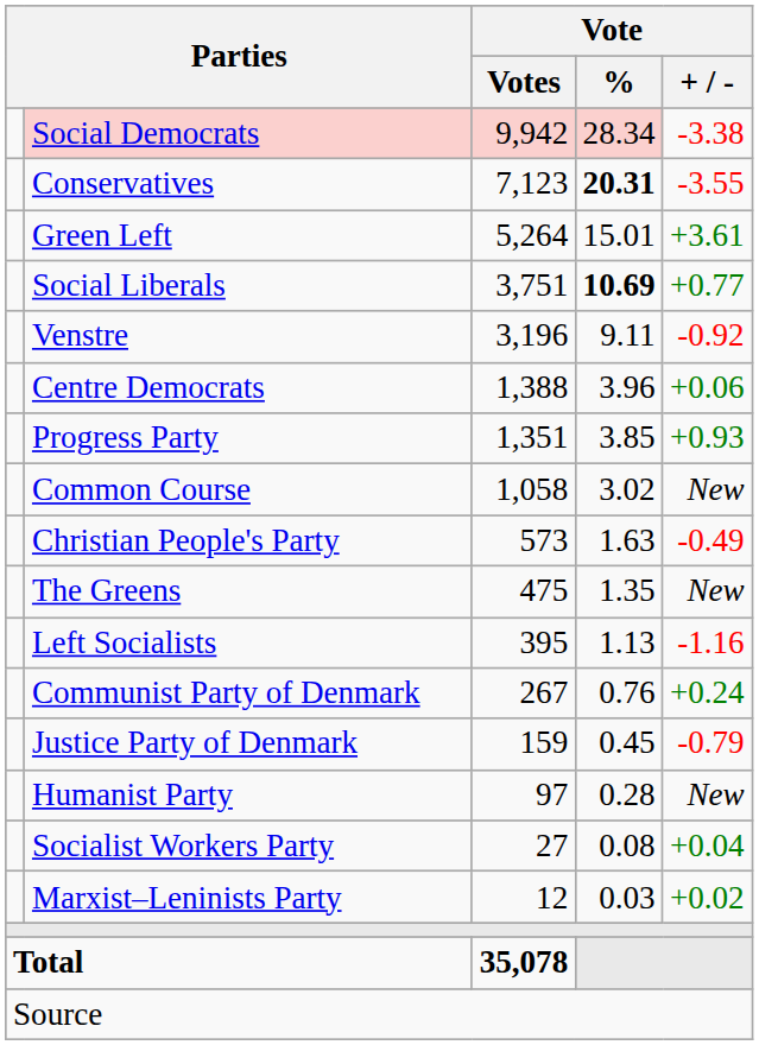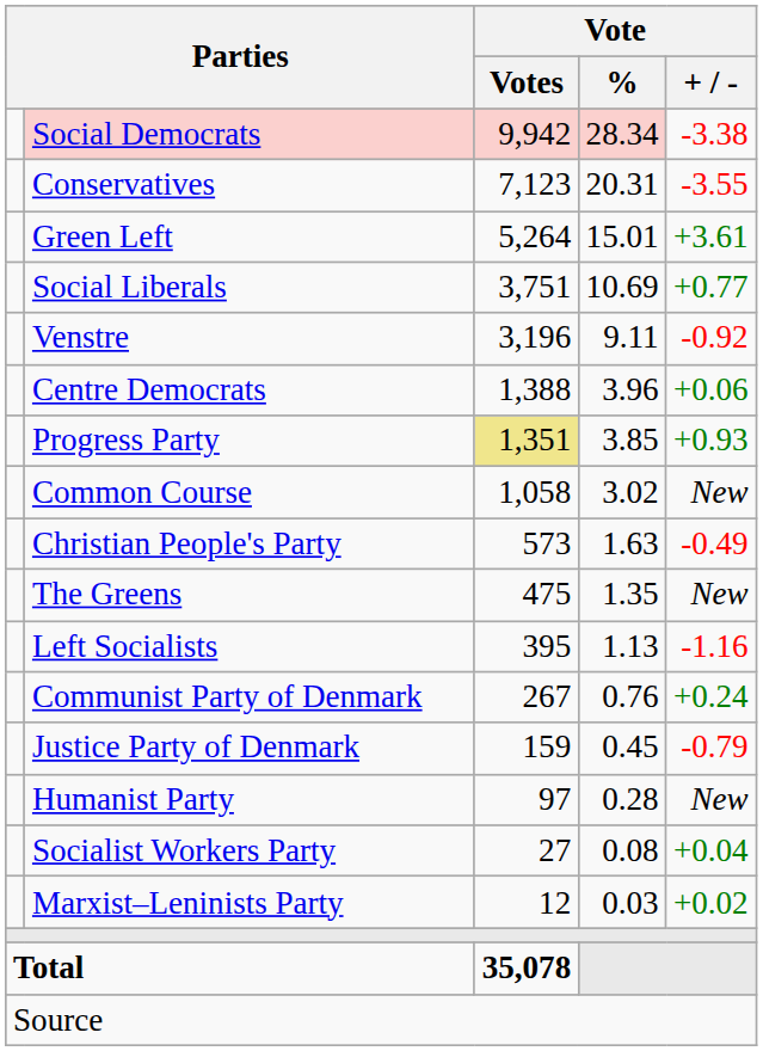 <table class="wikitable" style="text-align:right;">
 <tr>
 <th style="text-align:centre;" rowspan="2" colspan="2" width="225">Parties</th>
 <th colspan="3">Vote</th>
 </tr>
 <tr>
 <th width="15">Votes</th>
 <th width="15">%</th>
 <th width="15">+ / -</th>
 </tr>
 <tr>
 <td width="2" style="color:inherit;background:"></td>
 <td bgcolor=#fbd0ce  align="left"><a href='#'>Social Democrats</a></td>
 <td bgcolor=#fbd0ce>9,942</td>
 <td bgcolor=#fbd0ce>28.34</td>
 <td style=color:red;>-3.38</td>
 </tr>
 <tr>
 <td width="2" style="color:inherit;background:"></td>
 <td align="left"><a href='#'>Conservatives</a></td>
 <td>7,123</td>
-<td><strong>20.31</strong></td>
+<td>20.31</td>
 <td style=color:red;>-3.55</td>
 </tr>
 <tr>
 <td width="2" style="color:inherit;background:"></td>
 <td align="left"><a href='#'>Green Left</a></td>
 <td>5,264</td>
 <td>15.01</td>
 <td style=color:green;>+3.61</td>
 </tr>
 <tr>
 <td width="2" style="color:inherit;background:"></td>
 <td align="left"><a href='#'>Social Liberals</a></td>
 <td>3,751</td>
-<td><strong>10.69</strong></td>
+<td>10.69</td>
 <td style=color:green;>+0.77</td>
 </tr>
 <tr>
 <td width="2" style="color:inherit;background:"></td>
 <td align="left"><a href='#'>Venstre</a></td>
 <td>3,196</td>
 <td>9.11</td>
 <td style=color:red;>-0.92</td>
 </tr>
 <tr>
 <td width="2" style="color:inherit;background:"></td>
 <td align="left"><a href='#'>Centre Democrats</a></td>
 <td>1,388</td>
 <td>3.96</td>
 <td style=color:green;>+0.06</td>
 </tr>
 <tr>
 <td width="2" style="color:inherit;background:"></td>
 <td align="left"><a href='#'>Progress Party</a></td>
-<td>1,351</td>
+<td style="background: khaki;">1,351</td>
 <td>3.85</td>
 <td style=color:green;>+0.93</td>
 </tr>
 <tr>
 <td width="2" style="color:inherit;background:"></td>
 <td align="left"><a href='#'>Common Course</a></td>
 <td>1,058</td>
 <td>3.02</td>
 <td><em>New</em></td>
 </tr>
 <tr>
 <td width="2" style="color:inherit;background:"></td>
 <td align="left"><a href='#'>Christian People's Party</a></td>
 <td>573</td>
 <td>1.63</td>
 <td style=color:red;>-0.49</td>
 </tr>
 <tr>
 <td width="2" style="color:inherit;background:"></td>
 <td align="left"><a href='#'>The Greens</a></td>
 <td>475</td>
 <td>1.35</td>
 <td><em>New</em></td>
 </tr>
 <tr>
 <td width="2" style="color:inherit;background:"></td>
 <td align="left"><a href='#'>Left Socialists</a></td>
 <td>395</td>
 <td>1.13</td>
 <td style=color:red;>-1.16</td>
 </tr>
 <tr>
 <td width="2" style="color:inherit;background:"></td>
 <td align="left"><a href='#'>Communist Party of Denmark</a></td>
 <td>267</td>
 <td>0.76</td>
 <td style=color:green;>+0.24</td>
 </tr>
 <tr>
 <td width="2" style="color:inherit;background:"></td>
 <td align="left"><a href='#'>Justice Party of Denmark</a></td>
 <td>159</td>
 <td>0.45</td>
 <td style=color:red;>-0.79</td>
 </tr>
 <tr>
 <td width="2" style="color:inherit;background:"></td>
 <td align="left"><a href='#'>Humanist Party</a></td>
 <td>97</td>
 <td>0.28</td>
 <td><em>New</em></td>
 </tr>
 <tr>
 <td width="2" style="color:inherit;background:"></td>
 <td align="left"><a href='#'>Socialist Workers Party</a></td>
 <td>27</td>
 <td>0.08</td>
 <td style=color:green;>+0.04</td>
 </tr>
 <tr>
 <td width="2" style="color:inherit;background:"></td>
 <td align="left"><a href='#'>Marxist–Leninists Party</a></td>
 <td>12</td>
 <td>0.03</td>
 <td style=color:green;>+0.02</td>
 </tr>
 <tr>
 <td colspan="7" bgcolor="#E9E9E9"></td>
 </tr>
 <tr>
 <td align="left" colspan="2"><strong>Total</strong></td>
 <td><strong>35,078</strong></td>
 <td bgcolor="#E9E9E9" colspan="2"></td>
 </tr>
 <tr>
 <td align="left" colspan="6">Source</td>
 </tr>
 </table>
